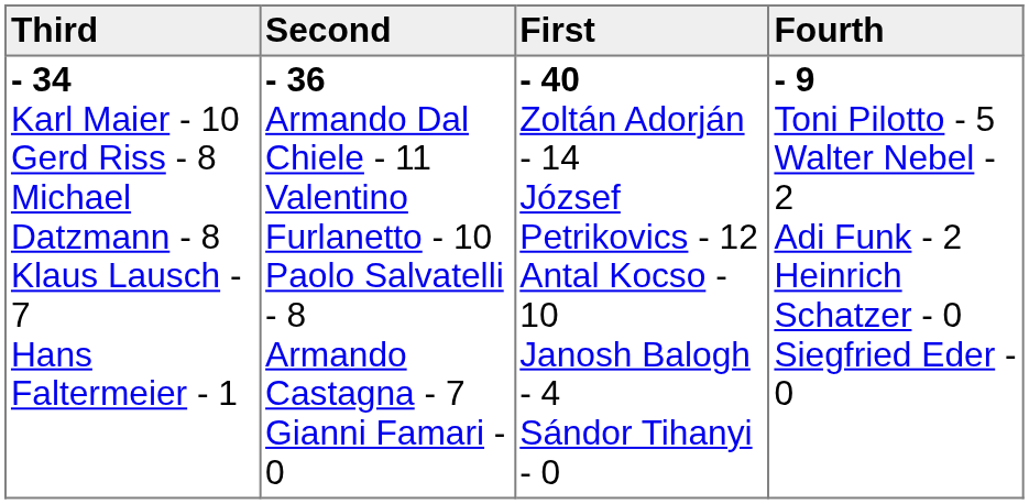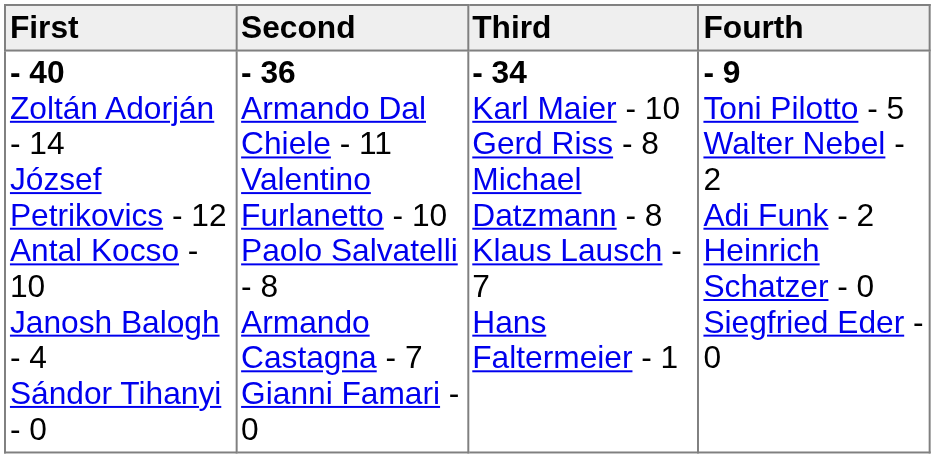 <table border=1 cellpadding=2 cellspacing=0 width=75% style="border-collapse:collapse">
 <tr align=left style="background:#efefef;">
+<th width=20%>First</th>
+<th width=20%>Second</th>
 <th width=20%>Third</th>
-<th width=20%>Second</th>
-<th width=20%>First</th>
 <th width=20%>Fourth</th>
 </tr>
 <tr align=left>
+<td valign=top><strong> - 40</strong><br><a href='#'>Zoltán Adorján</a> - 14 <br><a href='#'>József Petrikovics</a> - 12 <br><a href='#'>Antal Kocso</a> - 10 <br><a href='#'>Janosh Balogh</a> - 4 <br><a href='#'>Sándor Tihanyi</a> - 0</td>
+<td valign=top><strong> - 36</strong><br><a href='#'>Armando Dal Chiele</a> - 11 <br><a href='#'>Valentino Furlanetto</a> - 10 <br><a href='#'>Paolo Salvatelli</a> - 8 <br><a href='#'>Armando Castagna</a> - 7 <br><a href='#'>Gianni Famari</a> - 0</td>
 <td valign=top><strong> - 34</strong><br><a href='#'>Karl Maier</a> - 10 <br><a href='#'>Gerd Riss</a> - 8 <br><a href='#'>Michael Datzmann</a> - 8 <br><a href='#'>Klaus Lausch</a> - 7 <br><a href='#'>Hans Faltermeier</a> - 1</td>
-<td valign=top><strong> - 36</strong><br><a href='#'>Armando Dal Chiele</a> - 11 <br><a href='#'>Valentino Furlanetto</a> - 10 <br><a href='#'>Paolo Salvatelli</a> - 8 <br><a href='#'>Armando Castagna</a> - 7 <br><a href='#'>Gianni Famari</a> - 0</td>
-<td valign=top><strong> - 40</strong><br><a href='#'>Zoltán Adorján</a> - 14 <br><a href='#'>József Petrikovics</a> - 12 <br><a href='#'>Antal Kocso</a> - 10 <br><a href='#'>Janosh Balogh</a> - 4 <br><a href='#'>Sándor Tihanyi</a> - 0</td>
 <td valign=top><strong> - 9</strong><br><a href='#'>Toni Pilotto</a> - 5 <br><a href='#'>Walter Nebel</a> - 2 <br><a href='#'>Adi Funk</a> - 2 <br><a href='#'>Heinrich Schatzer</a> - 0 <br><a href='#'>Siegfried Eder</a> - 0</td>
 </tr>
 </table>
